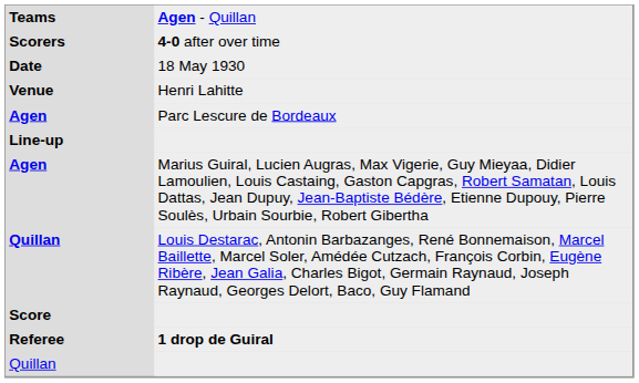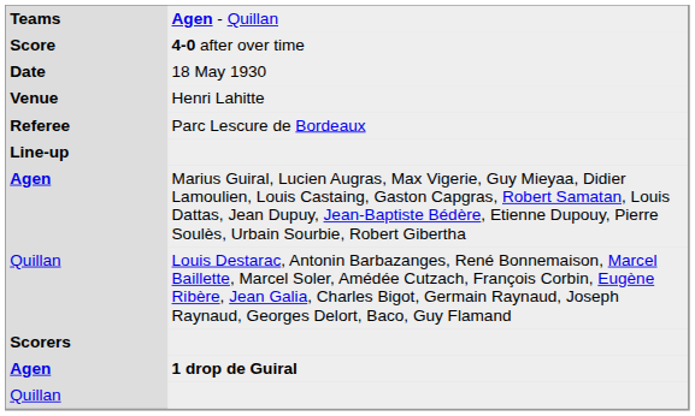 <table align="left" cellpadding="4" cellspacing="0"  style="margin: 0 0 0 0; border: 1px solid #999; border-right-width: 2px; border-bottom-width: 2px; background-color: #DDDDDD">
 <tr>
 <td width="150" valign="top"><strong>Teams</strong></td>
 <td width="500" bgcolor=#EEEEEE><strong><a href='#'>Agen</a></strong> - <a href='#'>Quillan</a></td>
 </tr>
 <tr>
-<td valign="top"><strong>Scorers</strong></td>
+<td valign="top"><strong>Score</strong></td>
 <td bgcolor=#EEEEEE><strong>4-0</strong> after over time</td>
 </tr>
 <tr>
 <td valign="top"><strong>Date</strong></td>
 <td bgcolor=#EEEEEE>18 May 1930</td>
 </tr>
 <tr>
 <td valign="top"><strong>Venue</strong></td>
 <td bgcolor=#EEEEEE>Henri Lahitte</td>
 </tr>
 <tr>
-<td valign="top"><strong><a href='#'>Agen</a>  </strong></td>
+<td valign="top"><strong>Referee</strong></td>
 <td bgcolor=#EEEEEE>Parc Lescure de <a href='#'>Bordeaux</a></td>
 </tr>
 <tr>
 <td valign="top"><strong>Line-up</strong></td>
 <td bgcolor=#EEEEEE></td>
 </tr>
 <tr>
 <td valign="top"><strong> <a href='#'>Agen</a> </strong></td>
 <td bgcolor=#EEEEEE>Marius Guiral, Lucien Augras, Max Vigerie, Guy Mieyaa, Didier Lamoulien, Louis Castaing, Gaston Capgras, <a href='#'>Robert Samatan</a>, Louis Dattas, Jean Dupuy, <a href='#'>Jean-Baptiste Bédère</a>, Etienne Dupouy, Pierre Soulès, Urbain Sourbie, Robert Gibertha</td>
 </tr>
 <tr>
-<td valign="top"><strong><a href='#'>Quillan</a></strong></td>
+<td valign="top"><a href='#'>Quillan</a></td>
 <td bgcolor=#EEEEEE><a href='#'>Louis Destarac</a>, Antonin Barbazanges, René Bonnemaison, <a href='#'>Marcel Baillette</a>, Marcel Soler, Amédée Cutzach, François Corbin, <a href='#'>Eugène Ribère</a>, <a href='#'>Jean Galia</a>, Charles Bigot, Germain Raynaud, Joseph Raynaud, Georges Delort, Baco, Guy Flamand</td>
 </tr>
 <tr>
-<td valign="top"><strong>Score</strong></td>
+<td valign="top"><strong>Scorers</strong></td>
 <td bgcolor=#EEEEEE></td>
 </tr>
 <tr>
-<td valign="top"><strong>Referee</strong></td>
+<td valign="top"><strong><a href='#'>Agen</a>  </strong></td>
 <td bgcolor=#EEEEEE><strong>1 drop de Guiral</strong></td>
 </tr>
 <tr>
 <td valign="top"><a href='#'>Quillan</a></td>
 <td bgcolor=#EEEEEE></td>
 </tr>
 </table>
